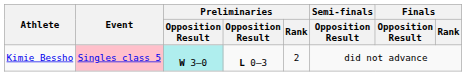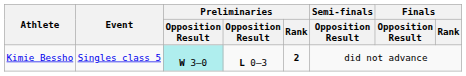 <table class=wikitable>
 <tr>
 <th rowspan="2">Athlete</th>
 <th rowspan="2">Event</th>
 <th colspan="3">Preliminaries</th>
 <th>Semi-finals</th>
 <th colspan="2">Finals</th>
 </tr>
 <tr>
 <th>Opposition<br>Result</th>
 <th>Opposition<br>Result</th>
 <th>Rank</th>
 <th>Opposition<br>Result</th>
 <th>Opposition<br>Result</th>
 <th>Rank</th>
 </tr>
 <tr>
 <td><a href='#'>Kimie Bessho</a></td>
-<td style="background: pink;"><a href='#'>Singles class 5</a></td>
+<td><a href='#'>Singles class 5</a></td>
 <td align="center" style="background: paleturquoise;"><br><strong>W</strong> 3–0</td>
 <td align="center"><br><strong>L</strong> 0–3</td>
-<td align="center">2</td>
+<td align="center"><strong>2</strong></td>
 <td align="center" colspan=3>did not advance</td>
 </tr>
 </table>
